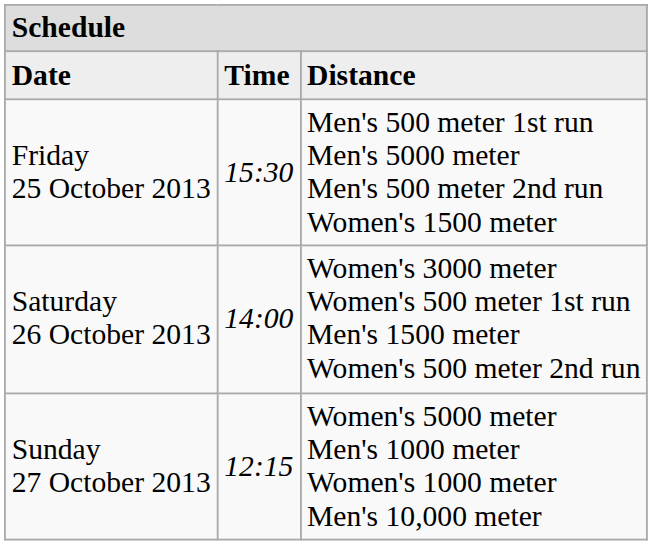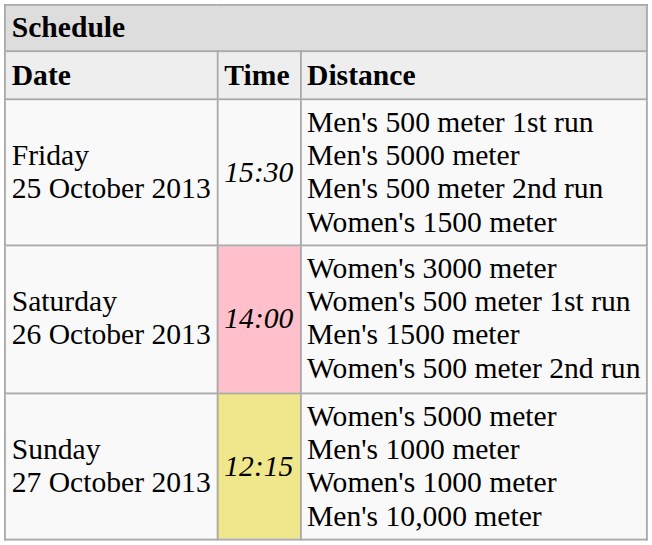 <table class="wikitable">
 <tr align=left bgcolor=#DDDDDD>
 <td colspan=3><strong>Schedule</strong></td>
 </tr>
 <tr align=left bgcolor=#EEEEEE>
 <td><strong>Date</strong></td>
 <td><strong>Time</strong></td>
 <td><strong>Distance</strong></td>
 </tr>
 <tr>
 <td>Friday<br>25 October 2013</td>
 <td><em>15:30</em></td>
 <td>Men's 500 meter 1st run<br>Men's 5000 meter<br>Men's 500 meter 2nd run<br>Women's 1500 meter</td>
 </tr>
 <tr>
 <td>Saturday<br>26 October 2013</td>
-<td><em>14:00</em></td>
+<td style="background: pink;"><em>14:00</em></td>
 <td>Women's 3000 meter<br>Women's 500 meter 1st run<br>Men's 1500 meter<br>Women's 500 meter 2nd run</td>
 </tr>
 <tr>
 <td>Sunday<br>27 October 2013</td>
-<td><em>12:15</em></td>
+<td style="background: khaki;"><em>12:15</em></td>
 <td>Women's 5000 meter<br>Men's 1000 meter<br>Women's 1000 meter<br>Men's 10,000 meter</td>
 </tr>
 </table>
